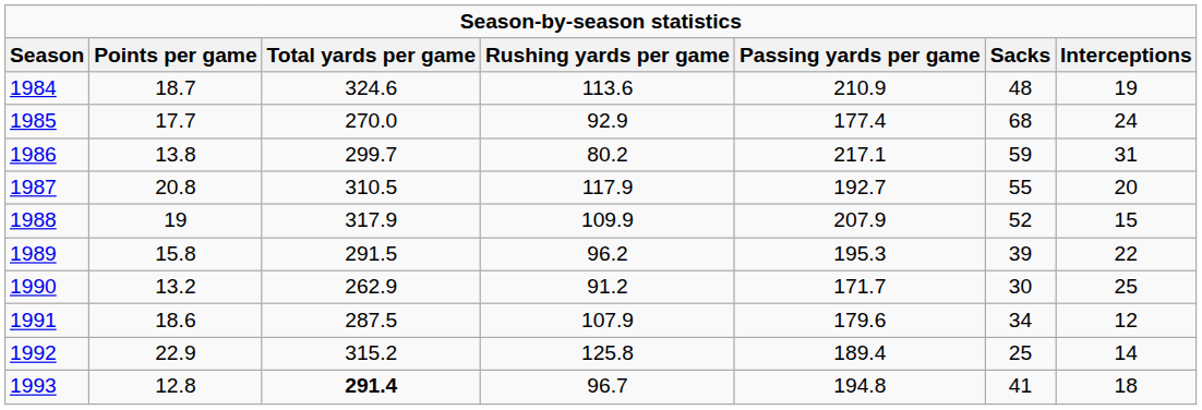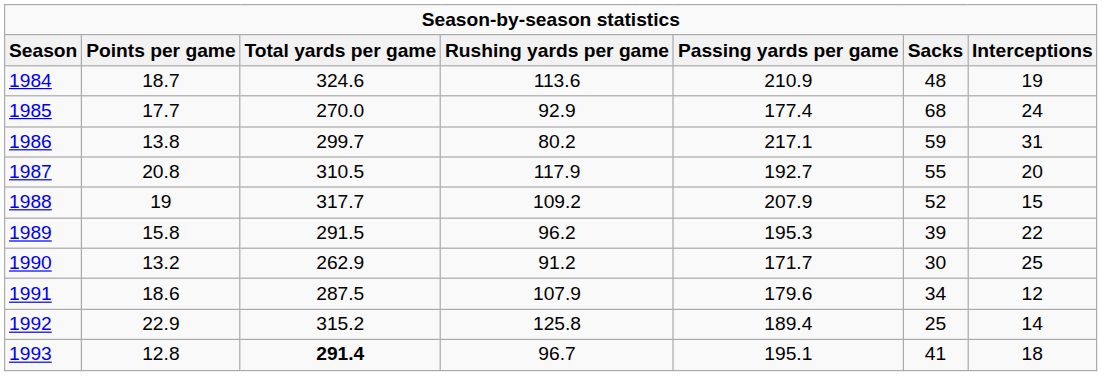 <table class="wikitable">
 <tr>
 <td align="center" colspan="7"><strong>Season-by-season statistics</strong></td>
 </tr>
 <tr>
 <th>Season</th>
 <th>Points per game</th>
 <th>Total yards per game</th>
 <th>Rushing yards per game</th>
 <th>Passing yards per game</th>
 <th>Sacks</th>
 <th>Interceptions</th>
 </tr>
 <tr>
 <td><a href='#'>1984</a></td>
 <td align=center>18.7</td>
 <td align=center>324.6</td>
 <td align=center>113.6</td>
 <td align=center>210.9</td>
 <td align=center>48</td>
 <td align=center>19</td>
 </tr>
 <tr>
 <td><a href='#'>1985</a></td>
 <td align=center>17.7</td>
 <td align=center>270.0</td>
 <td align=center>92.9</td>
 <td align=center>177.4</td>
 <td align=center>68</td>
 <td align=center>24</td>
 </tr>
 <tr>
 <td><a href='#'>1986</a></td>
 <td align=center>13.8</td>
 <td align=center>299.7</td>
 <td align=center>80.2</td>
 <td align=center>217.1</td>
 <td align=center>59</td>
 <td align=center>31</td>
 </tr>
 <tr>
 <td><a href='#'>1987</a></td>
 <td align=center>20.8</td>
 <td align=center>310.5</td>
 <td align=center>117.9</td>
 <td align=center>192.7</td>
 <td align=center>55</td>
 <td align=center>20</td>
 </tr>
 <tr>
 <td><a href='#'>1988</a></td>
 <td align=center>19</td>
-<td align=center>317.9</td>
-<td align=center>109.9</td>
+<td align=center>317.7</td>
+<td align=center>109.2</td>
 <td align=center>207.9</td>
 <td align=center>52</td>
 <td align=center>15</td>
 </tr>
 <tr>
 <td><a href='#'>1989</a></td>
 <td align=center>15.8</td>
 <td align=center>291.5</td>
 <td align=center>96.2</td>
 <td align=center>195.3</td>
 <td align=center>39</td>
 <td align=center>22</td>
 </tr>
 <tr>
 <td><a href='#'>1990</a></td>
 <td align=center>13.2</td>
 <td align=center>262.9</td>
 <td align=center>91.2</td>
 <td align=center>171.7</td>
 <td align=center>30</td>
 <td align=center>25</td>
 </tr>
 <tr>
 <td><a href='#'>1991</a></td>
 <td align=center>18.6</td>
 <td align=center>287.5</td>
 <td align=center>107.9</td>
 <td align=center>179.6</td>
 <td align=center>34</td>
 <td align=center>12</td>
 </tr>
 <tr>
 <td><a href='#'>1992</a></td>
 <td align=center>22.9</td>
 <td align=center>315.2</td>
 <td align=center>125.8</td>
 <td align=center>189.4</td>
 <td align=center>25</td>
 <td align=center>14</td>
 </tr>
 <tr>
 <td><a href='#'>1993</a></td>
 <td align=center>12.8</td>
 <td align=center><strong>291.4</strong></td>
 <td align=center>96.7</td>
-<td align=center>194.8</td>
+<td align=center>195.1</td>
 <td align=center>41</td>
 <td align=center>18</td>
 </tr>
 </table>
